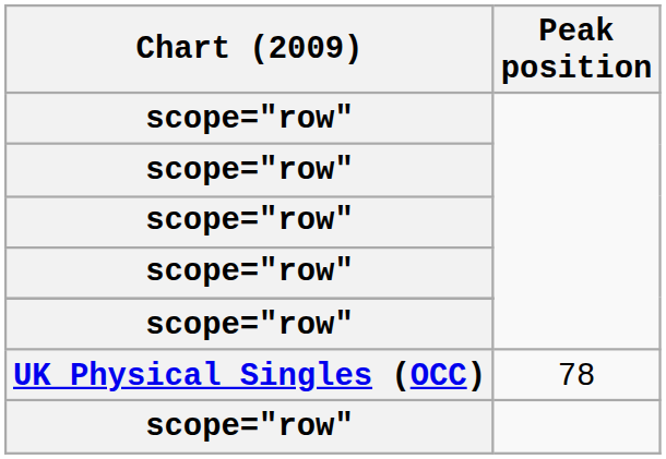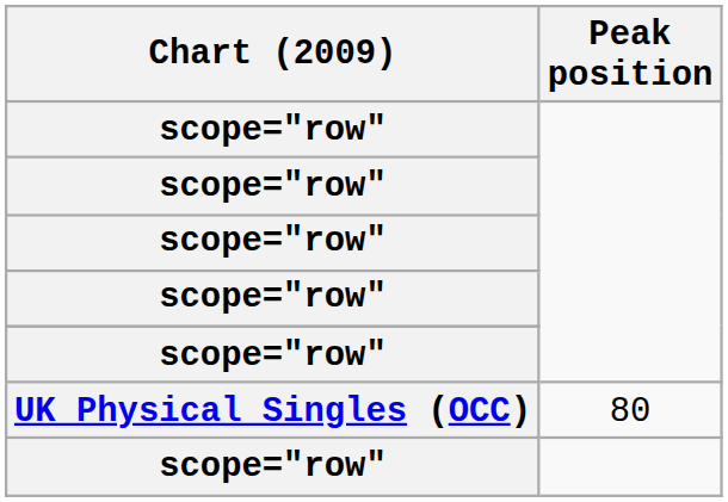 <table class="wikitable sortable plainrowheaders" style="text-align:center">
 <tr>
 <th scope="col">Chart (2009)</th>
 <th scope="col">Peak<br>position</th>
 </tr>
 <tr>
 <th>scope="row" </th>
 </tr>
 <tr>
 <th>scope="row" </th>
 </tr>
 <tr>
 <th>scope="row" </th>
 </tr>
 <tr>
 <th>scope="row" </th>
 </tr>
 <tr>
 </tr>
 <tr>
 <th>scope="row" </th>
 </tr>
 <tr>
 <th scope="row"><a href='#'>UK Physical Singles</a> (<a href='#'>OCC</a>)</th>
-<td>78</td>
+<td>80</td>
 </tr>
 <tr>
 <th>scope="row" </th>
 </tr>
 </table>
